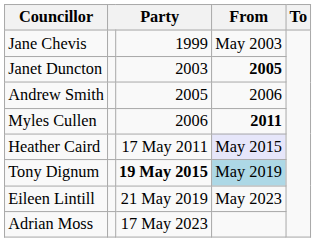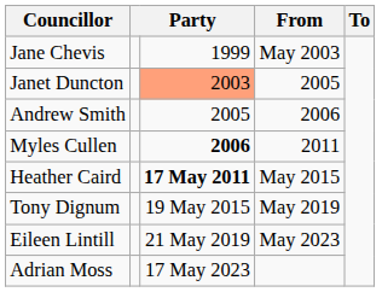 <table class=wikitable>
 <tr>
 <th>Councillor</th>
 <th colspan=2>Party</th>
 <th>From</th>
 <th>To</th>
 </tr>
 <tr>
 <td>Jane Chevis</td>
 <td></td>
 <td align=right>1999</td>
 <td align=right>May 2003</td>
 </tr>
 <tr>
 <td>Janet Duncton</td>
 <td></td>
-<td align=right>2003</td>
-<td align=right><strong>2005</strong></td>
+<td align=right style="background: lightsalmon;">2003</td>
+<td align=right>2005</td>
 </tr>
 <tr>
 <td>Andrew Smith</td>
 <td></td>
 <td align=right>2005</td>
 <td align=right>2006</td>
 </tr>
 <tr>
 <td>Myles Cullen</td>
 <td></td>
-<td align=right>2006</td>
-<td align=right><strong>2011</strong></td>
+<td align=right><strong>2006</strong></td>
+<td align=right>2011</td>
 </tr>
 <tr>
 <td>Heather Caird</td>
 <td></td>
-<td align=right>17 May 2011</td>
-<td align=right style="background: lavender;">May 2015</td>
+<td align=right><strong>17 May 2011</strong></td>
+<td align=right>May 2015</td>
 </tr>
 <tr>
 <td>Tony Dignum</td>
 <td></td>
-<td align=right><strong>19 May 2015</strong></td>
-<td align=right style="background: lightblue;">May 2019</td>
+<td align=right>19 May 2015</td>
+<td align=right>May 2019</td>
 </tr>
 <tr>
 <td>Eileen Lintill</td>
 <td></td>
 <td align=right>21 May 2019</td>
 <td align=right>May 2023</td>
 </tr>
 <tr>
 <td>Adrian Moss</td>
 <td></td>
 <td align=right>17 May 2023</td>
 <td></td>
 </tr>
 </table>
